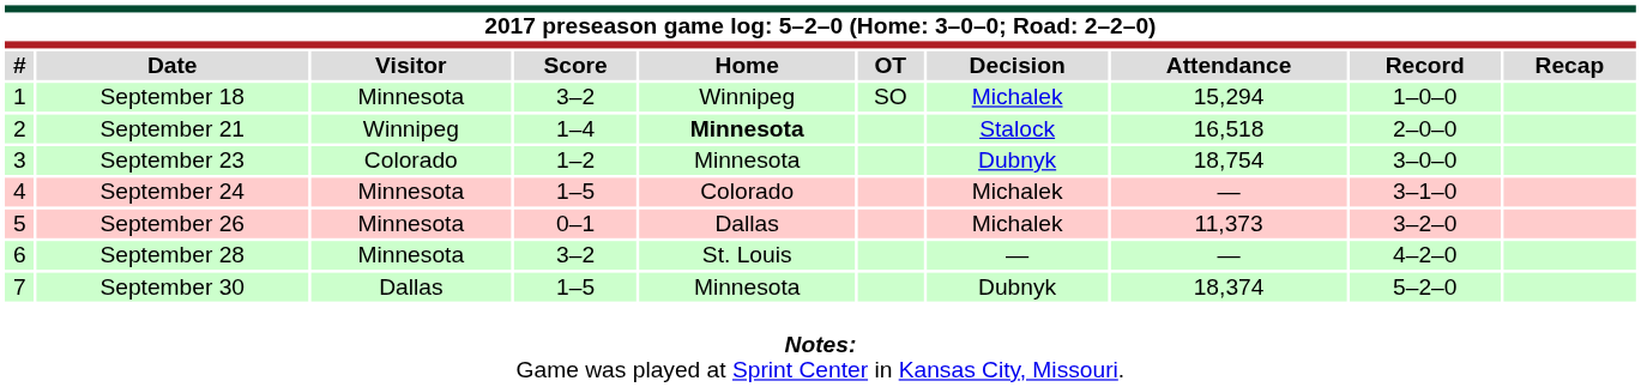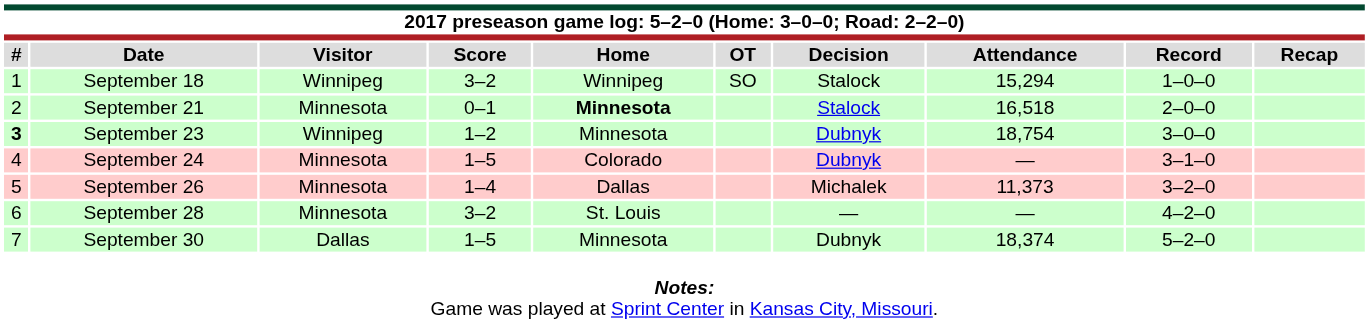 <table class="toccolours collapsible collapsed" style="width:90%; clear:both; margin:1.5em auto; text-align:center;">
 <tr>
 <th colspan=10 style="background:#FFFFFF; border-top:#024930 5px solid; border-bottom:#AF1E24 5px solid;">2017 preseason game log: 5–2–0 (Home: 3–0–0; Road: 2–2–0)</th>
 </tr>
 <tr style="background:#ddd;">
 <th>#</th>
 <th>Date</th>
 <th>Visitor</th>
 <th>Score</th>
 <th>Home</th>
 <th>OT</th>
 <th>Decision</th>
 <th>Attendance</th>
 <th>Record</th>
 <th>Recap</th>
 </tr>
 <tr style="background:#cfc;">
 <td>1</td>
 <td>September 18</td>
-<td>Minnesota</td>
+<td>Winnipeg</td>
 <td>3–2</td>
 <td>Winnipeg</td>
 <td>SO</td>
-<td><a href='#'>Michalek</a></td>
+<td>Stalock</td>
 <td>15,294</td>
 <td>1–0–0</td>
 <td></td>
 </tr>
 <tr style="background:#cfc;">
 <td>2</td>
 <td>September 21</td>
-<td>Winnipeg</td>
-<td>1–4</td>
+<td>Minnesota</td>
+<td>0–1</td>
 <td><strong>Minnesota</strong></td>
 <td></td>
 <td><a href='#'>Stalock</a></td>
 <td>16,518</td>
 <td>2–0–0</td>
 <td></td>
 </tr>
 <tr style="background:#cfc;">
-<td>3</td>
+<td><strong>3</strong></td>
 <td>September 23</td>
-<td>Colorado</td>
+<td>Winnipeg</td>
 <td>1–2</td>
 <td>Minnesota</td>
 <td></td>
 <td><a href='#'>Dubnyk</a></td>
 <td>18,754</td>
 <td>3–0–0</td>
 <td></td>
 </tr>
 <tr style="background:#fcc;">
 <td>4</td>
 <td>September 24</td>
 <td>Minnesota</td>
 <td>1–5</td>
 <td>Colorado</td>
 <td></td>
-<td>Michalek</td>
+<td><a href='#'>Dubnyk</a></td>
 <td>—</td>
 <td>3–1–0</td>
 <td></td>
 </tr>
 <tr style="background:#fcc;">
 <td>5</td>
 <td>September 26</td>
 <td>Minnesota</td>
-<td>0–1</td>
+<td>1–4</td>
 <td>Dallas</td>
 <td></td>
 <td>Michalek</td>
 <td>11,373</td>
 <td>3–2–0</td>
 <td></td>
 </tr>
 <tr style="background:#cfc;">
 <td>6</td>
 <td>September 28</td>
 <td>Minnesota</td>
 <td>3–2</td>
 <td>St. Louis</td>
 <td></td>
 <td>—</td>
 <td>—</td>
 <td>4–2–0</td>
 <td></td>
 </tr>
 <tr style="background:#cfc;">
 <td>7</td>
 <td>September 30</td>
 <td>Dallas</td>
 <td>1–5</td>
 <td>Minnesota</td>
 <td></td>
 <td>Dubnyk</td>
 <td>18,374</td>
 <td>5–2–0</td>
 <td></td>
 </tr>
 <tr>
 <td colspan="10" style="text-align:center;"><br><strong><em>Notes:</em></strong><br>  Game was played at <a href='#'>Sprint Center</a> in <a href='#'>Kansas City, Missouri</a>.</td>
 </tr>
 </table>
